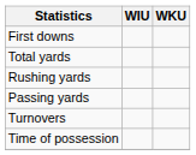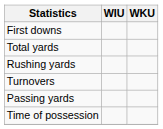 <table class="wikitable" style="float: left;">
 <tr>
 <th>Statistics</th>
 <th>WIU</th>
 <th>WKU</th>
 </tr>
 <tr>
 <td>First downs</td>
 <td></td>
 <td></td>
 </tr>
 <tr>
 <td>Total yards</td>
 <td></td>
 <td></td>
 </tr>
 <tr>
 <td>Rushing yards</td>
 <td></td>
 <td></td>
 </tr>
 <tr>
-<td>Passing yards</td>
+<td>Turnovers</td>
 <td></td>
 <td></td>
 </tr>
 <tr>
-<td>Turnovers</td>
+<td>Passing yards</td>
 <td></td>
 <td></td>
 </tr>
 <tr>
 <td>Time of possession</td>
 <td></td>
 <td></td>
 </tr>
 <tr>
 </tr>
 </table>
